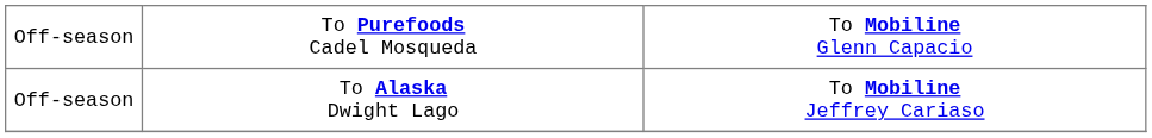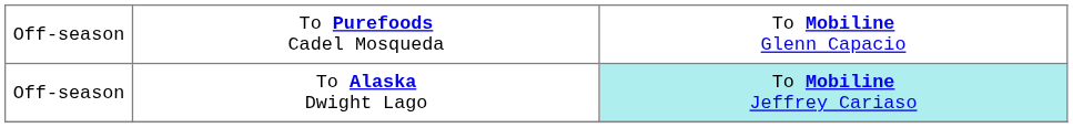 <table border="1" style="border-collapse:collapse; text-align: center" cellpadding="5">
 <tr>
 <td style="width:12%">Off-season</td>
 <td style="width:44%" valign="top">To <strong><a href='#'>Purefoods</a></strong><br>Cadel Mosqueda</td>
 <td style="width:44%" valign="top">To <strong><a href='#'>Mobiline</a></strong><br><a href='#'>Glenn Capacio</a></td>
 </tr>
 <tr>
 <td style="width:12%">Off-season</td>
 <td style="width:44%" valign="top">To <strong><a href='#'>Alaska</a></strong><br>Dwight Lago</td>
-<td style="width:44%" valign="top">To <strong><a href='#'>Mobiline</a></strong><br><a href='#'>Jeffrey Cariaso</a></td>
+<td style="background: paleturquoise; width:44%" valign="top">To <strong><a href='#'>Mobiline</a></strong><br><a href='#'>Jeffrey Cariaso</a></td>
 </tr>
 <tr>
 </tr>
 </table>
